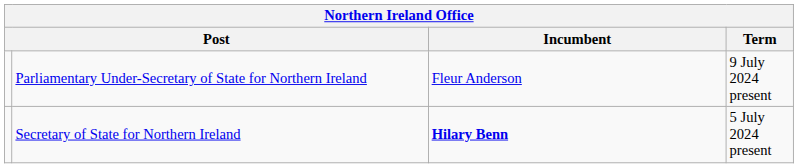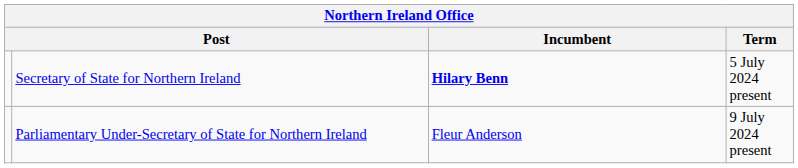 <table class="wikitable">
 <tr>
 <th colspan="4"><a href='#'>Northern Ireland Office</a></th>
 </tr>
 <tr>
 <th colspan="2">Post</th>
 <th>Incumbent</th>
 <th>Term</th>
 </tr>
 <tr>
 <td rowspan="1" style="width: 1px; background: "></td>
+<td rowspan="1" style="width: 450px;"><a href='#'>Secretary of State for Northern Ireland</a></td>
+<td style="width: 320px;"><strong><a href='#'>Hilary Benn</a></strong></td>
+<td>5 July 2024 present</td>
+</tr>
+<tr>
+<td rowspan="1" style="width: 1px; background: "></td>
 <td><a href='#'>Parliamentary Under-Secretary of State for Northern Ireland</a></td>
 <td><a href='#'>Fleur Anderson</a></td>
 <td>9 July 2024 present</td>
 </tr>
-<tr>
-<td rowspan="1" style="width: 1px; background: "></td>
-<td rowspan="1" style="width: 450px;"><a href='#'>Secretary of State for Northern Ireland</a></td>
-<td style="width: 320px;"><strong><a href='#'>Hilary Benn</a></strong></td>
-<td>5 July 2024 present</td>
-</tr>
 </table>
